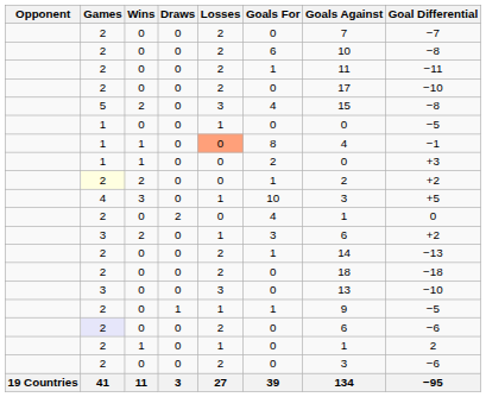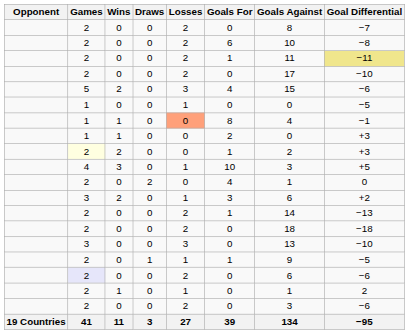 <table class="wikitable sortable" style="text-align:center">
 <tr>
 <th>Opponent</th>
 <th>Games</th>
 <th>Wins</th>
 <th>Draws</th>
 <th>Losses</th>
 <th>Goals For</th>
 <th>Goals Against</th>
 <th>Goal Differential</th>
 </tr>
 <tr>
 <td style="text-align:left;"></td>
 <td>2</td>
 <td>0</td>
 <td>0</td>
 <td>2</td>
 <td>0</td>
-<td>7</td>
+<td>8</td>
 <td>−7</td>
 </tr>
 <tr>
 <td style="text-align:left;"></td>
 <td>2</td>
 <td>0</td>
 <td>0</td>
 <td>2</td>
 <td>6</td>
 <td>10</td>
 <td>−8</td>
 </tr>
 <tr>
 <td style="text-align:left;"></td>
 <td>2</td>
 <td>0</td>
 <td>0</td>
 <td>2</td>
 <td>1</td>
 <td>11</td>
-<td>−11</td>
+<td style="background: khaki;">−11</td>
 </tr>
 <tr>
 <td style="text-align:left;"></td>
 <td>2</td>
 <td>0</td>
 <td>0</td>
 <td>2</td>
 <td>0</td>
 <td>17</td>
 <td>−10</td>
 </tr>
 <tr>
 <td style="text-align:left;"></td>
 <td>5</td>
 <td>2</td>
 <td>0</td>
 <td>3</td>
 <td>4</td>
 <td>15</td>
-<td>−8</td>
+<td>−6</td>
 </tr>
 <tr>
 <td style="text-align:left;"></td>
 <td>1</td>
 <td>0</td>
 <td>0</td>
 <td>1</td>
 <td>0</td>
 <td>0</td>
 <td>−5</td>
 </tr>
 <tr>
 <td style="text-align:left;"></td>
 <td>1</td>
 <td>1</td>
 <td>0</td>
 <td style="background: lightsalmon;">0</td>
 <td>8</td>
 <td>4</td>
 <td>−1</td>
 </tr>
 <tr>
 <td style="text-align:left;"></td>
 <td>1</td>
 <td>1</td>
 <td>0</td>
 <td>0</td>
 <td>2</td>
 <td>0</td>
 <td>+3</td>
 </tr>
 <tr>
 <td style="text-align:left;"></td>
 <td style="background: lightyellow;">2</td>
 <td>2</td>
 <td>0</td>
 <td>0</td>
 <td>1</td>
 <td>2</td>
-<td>+2</td>
+<td>+3</td>
 </tr>
 <tr>
 <td style="text-align:left;"></td>
 <td>4</td>
 <td>3</td>
 <td>0</td>
 <td>1</td>
 <td>10</td>
 <td>3</td>
 <td>+5</td>
 </tr>
 <tr>
 <td style="text-align:left;"></td>
 <td>2</td>
 <td>0</td>
 <td>2</td>
 <td>0</td>
 <td>4</td>
 <td>1</td>
 <td>0</td>
 </tr>
 <tr>
 <td style="text-align:left;"></td>
 <td>3</td>
 <td>2</td>
 <td>0</td>
 <td>1</td>
 <td>3</td>
 <td>6</td>
 <td>+2</td>
 </tr>
 <tr>
 <td style="text-align:left;"></td>
 <td>2</td>
 <td>0</td>
 <td>0</td>
 <td>2</td>
 <td>1</td>
 <td>14</td>
 <td>−13</td>
 </tr>
 <tr>
 <td style="text-align:left;"></td>
 <td>2</td>
 <td>0</td>
 <td>0</td>
 <td>2</td>
 <td>0</td>
 <td>18</td>
 <td>−18</td>
 </tr>
 <tr>
 <td style="text-align:left;"></td>
 <td>3</td>
 <td>0</td>
 <td>0</td>
 <td>3</td>
 <td>0</td>
 <td>13</td>
 <td>−10</td>
 </tr>
 <tr>
 <td style="text-align:left;"></td>
 <td>2</td>
 <td>0</td>
 <td>1</td>
 <td>1</td>
 <td>1</td>
 <td>9</td>
 <td>−5</td>
 </tr>
 <tr>
 <td style="text-align:left;"></td>
 <td style="background: lavender;">2</td>
 <td>0</td>
 <td>0</td>
 <td>2</td>
 <td>0</td>
 <td>6</td>
 <td>−6</td>
 </tr>
 <tr>
 <td style="text-align:left;"></td>
 <td>2</td>
 <td>1</td>
 <td>0</td>
 <td>1</td>
 <td>0</td>
 <td>1</td>
 <td>2</td>
 </tr>
 <tr>
 <td style="text-align:left;"></td>
 <td>2</td>
 <td>0</td>
 <td>0</td>
 <td>2</td>
 <td>0</td>
 <td>3</td>
 <td>−6</td>
 </tr>
 <tr class="sortbottom">
 <th>19 Countries</th>
 <th>41</th>
 <th>11</th>
 <th>3</th>
 <th>27</th>
 <th>39</th>
 <th>134</th>
 <th>−95</th>
 </tr>
 </table>
